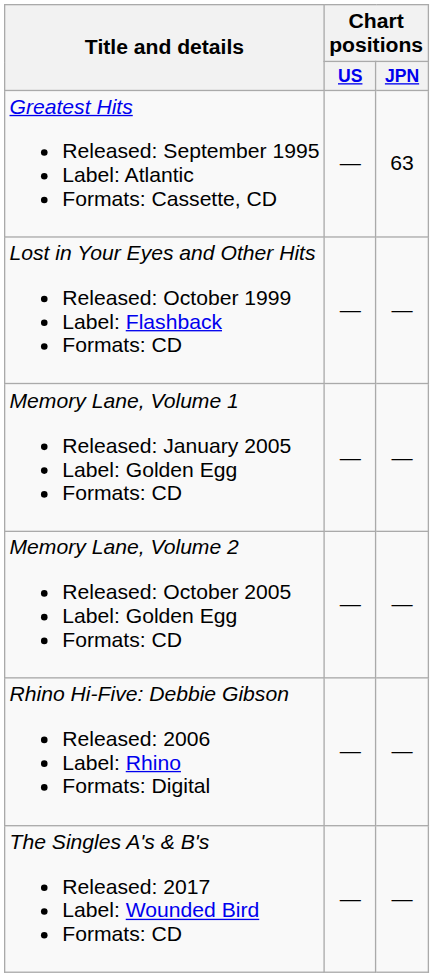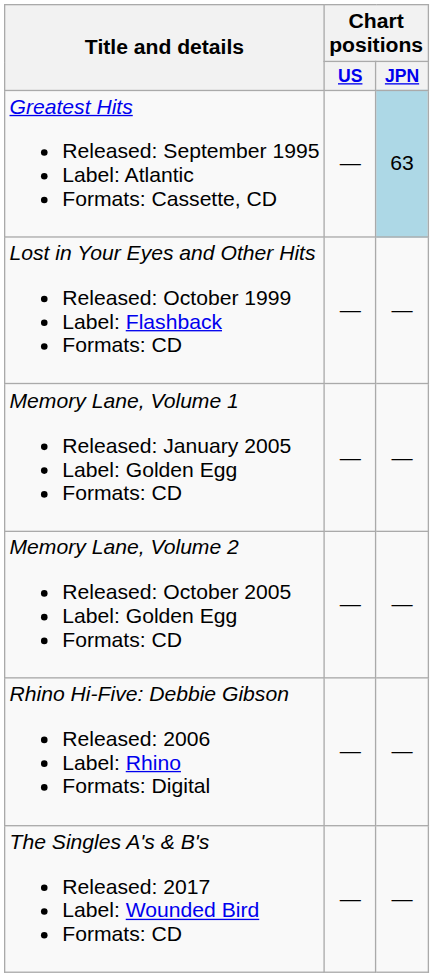 <table class="wikitable">
 <tr>
 <th rowspan="2">Title and details</th>
 <th colspan="2">Chart positions</th>
 </tr>
 <tr style="font-size:smaller;">
 <th width="30"><a href='#'>US</a></th>
 <th width="30"><a href='#'>JPN</a><br></th>
 </tr>
 <tr>
 <td><em><a href='#'>Greatest Hits</a></em><br><ul><li>Released:  September 1995</li><li>Label: Atlantic</li><li>Formats: Cassette, CD</li></ul></td>
 <td style="text-align: center;">—</td>
-<td style="text-align: center;">63</td>
+<td style="background: lightblue; text-align: center;">63</td>
 </tr>
 <tr>
 <td><em>Lost in Your Eyes and Other Hits</em><br><ul><li>Released: October 1999</li><li>Label: <a href='#'>Flashback</a></li><li>Formats: CD</li></ul></td>
 <td style="text-align: center;">—</td>
 <td style="text-align: center;">—</td>
 </tr>
 <tr>
 <td><em>Memory Lane, Volume 1</em><br><ul><li>Released:  January 2005</li><li>Label: Golden Egg</li><li>Formats: CD</li></ul></td>
 <td style="text-align: center;">—</td>
 <td style="text-align: center;">—</td>
 </tr>
 <tr>
 <td><em>Memory Lane, Volume 2</em><br><ul><li>Released:  October 2005</li><li>Label: Golden Egg</li><li>Formats: CD</li></ul></td>
 <td style="text-align: center;">—</td>
 <td style="text-align: center;">—</td>
 </tr>
 <tr>
 <td><em>Rhino Hi-Five: Debbie Gibson</em><br><ul><li>Released: 2006</li><li>Label: <a href='#'>Rhino</a></li><li>Formats: Digital</li></ul></td>
 <td style="text-align: center;">—</td>
 <td style="text-align: center;">—</td>
 </tr>
 <tr>
 <td><em>The Singles A's & B's</em><br><ul><li>Released: 2017</li><li>Label: <a href='#'>Wounded Bird</a></li><li>Formats: CD</li></ul></td>
 <td style="text-align: center;">—</td>
 <td style="text-align: center;">—</td>
 </tr>
 </table>
